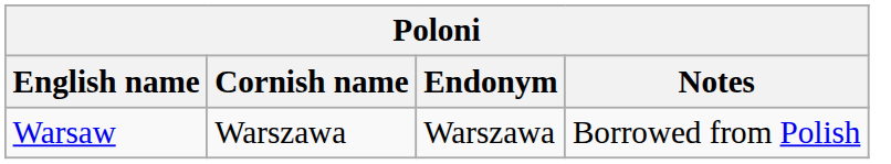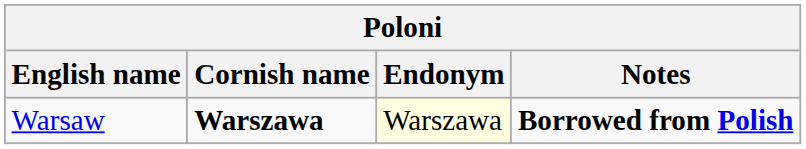 <table class="wikitable sortable">
 <tr>
 <th colspan="24"> Poloni</th>
 </tr>
 <tr>
 <th>English name</th>
 <th>Cornish name</th>
 <th>Endonym</th>
 <th>Notes</th>
 </tr>
 <tr>
 <td><a href='#'>Warsaw</a></td>
-<td>Warszawa</td>
-<td>Warszawa</td>
-<td>Borrowed from <a href='#'>Polish</a></td>
+<td><strong>Warszawa</strong></td>
+<td style="background: lightyellow;">Warszawa</td>
+<td><strong>Borrowed from <a href='#'>Polish</a></strong></td>
 </tr>
 </table>
